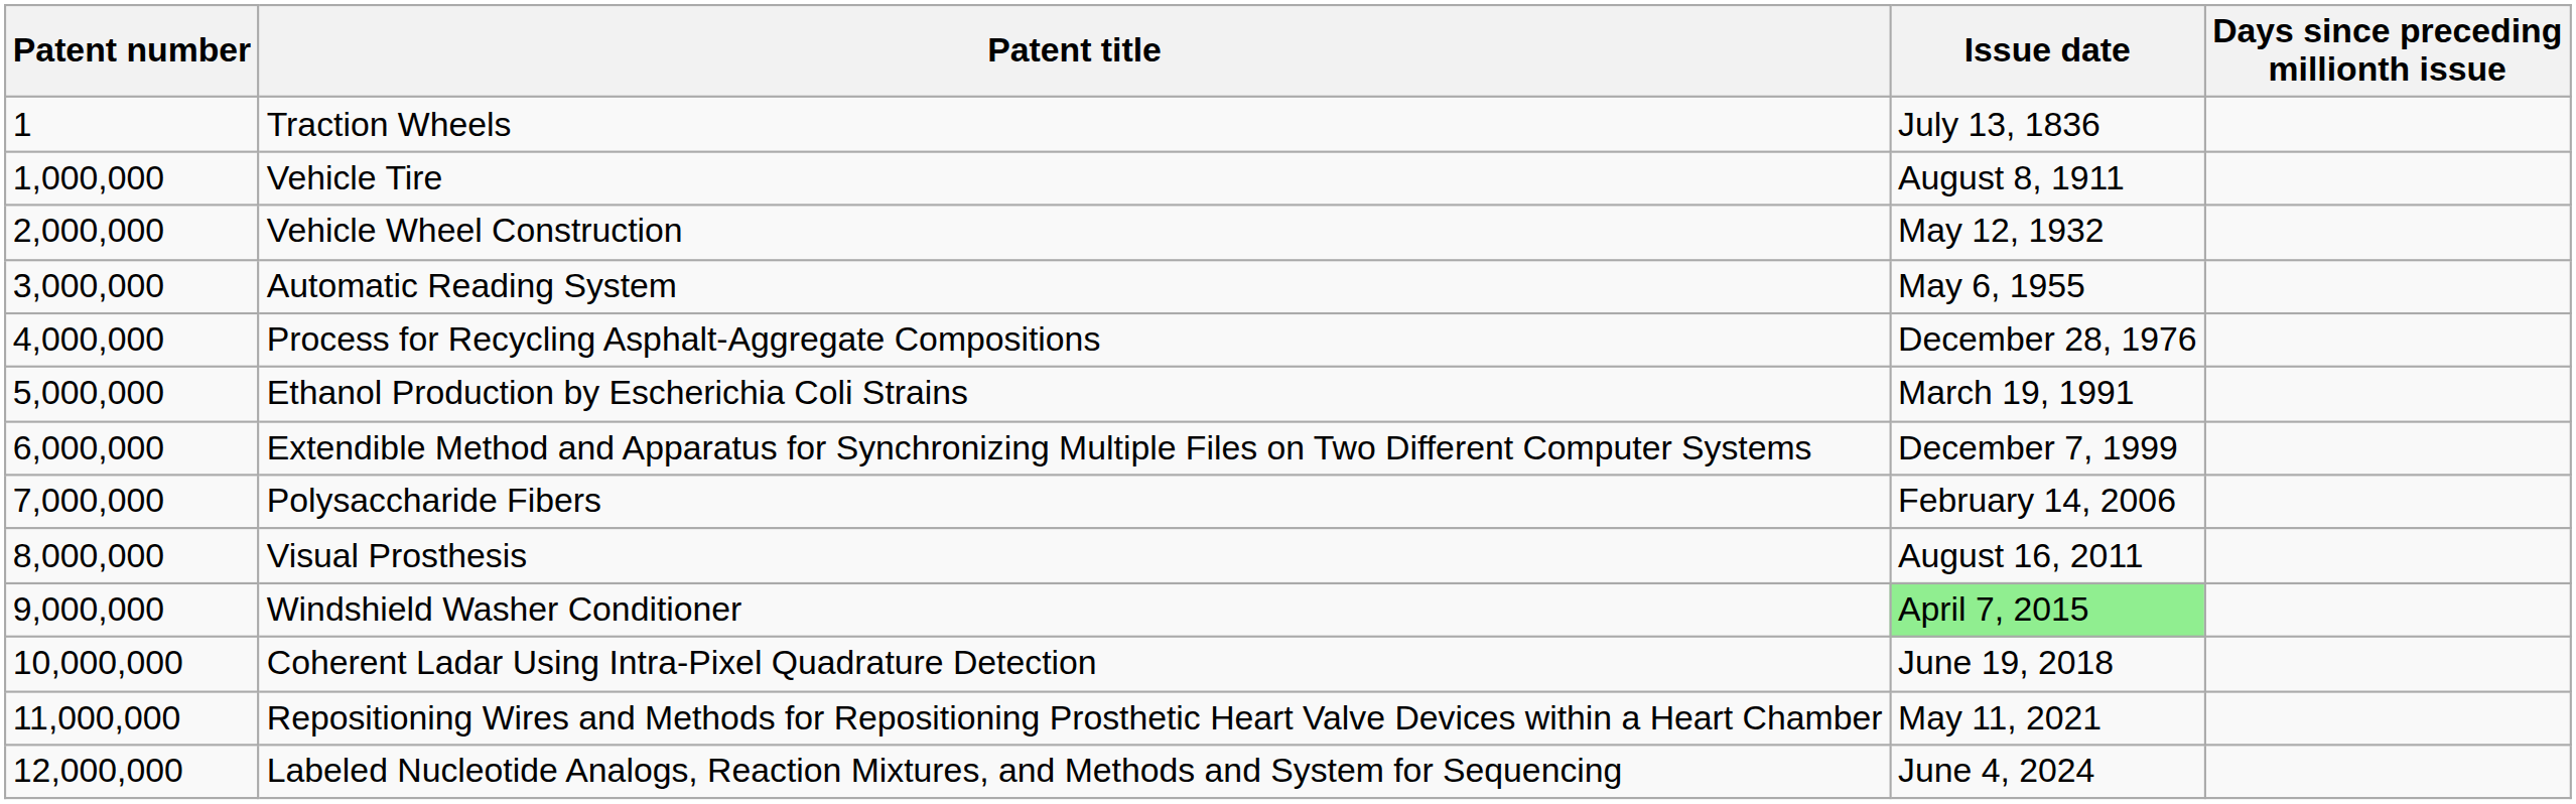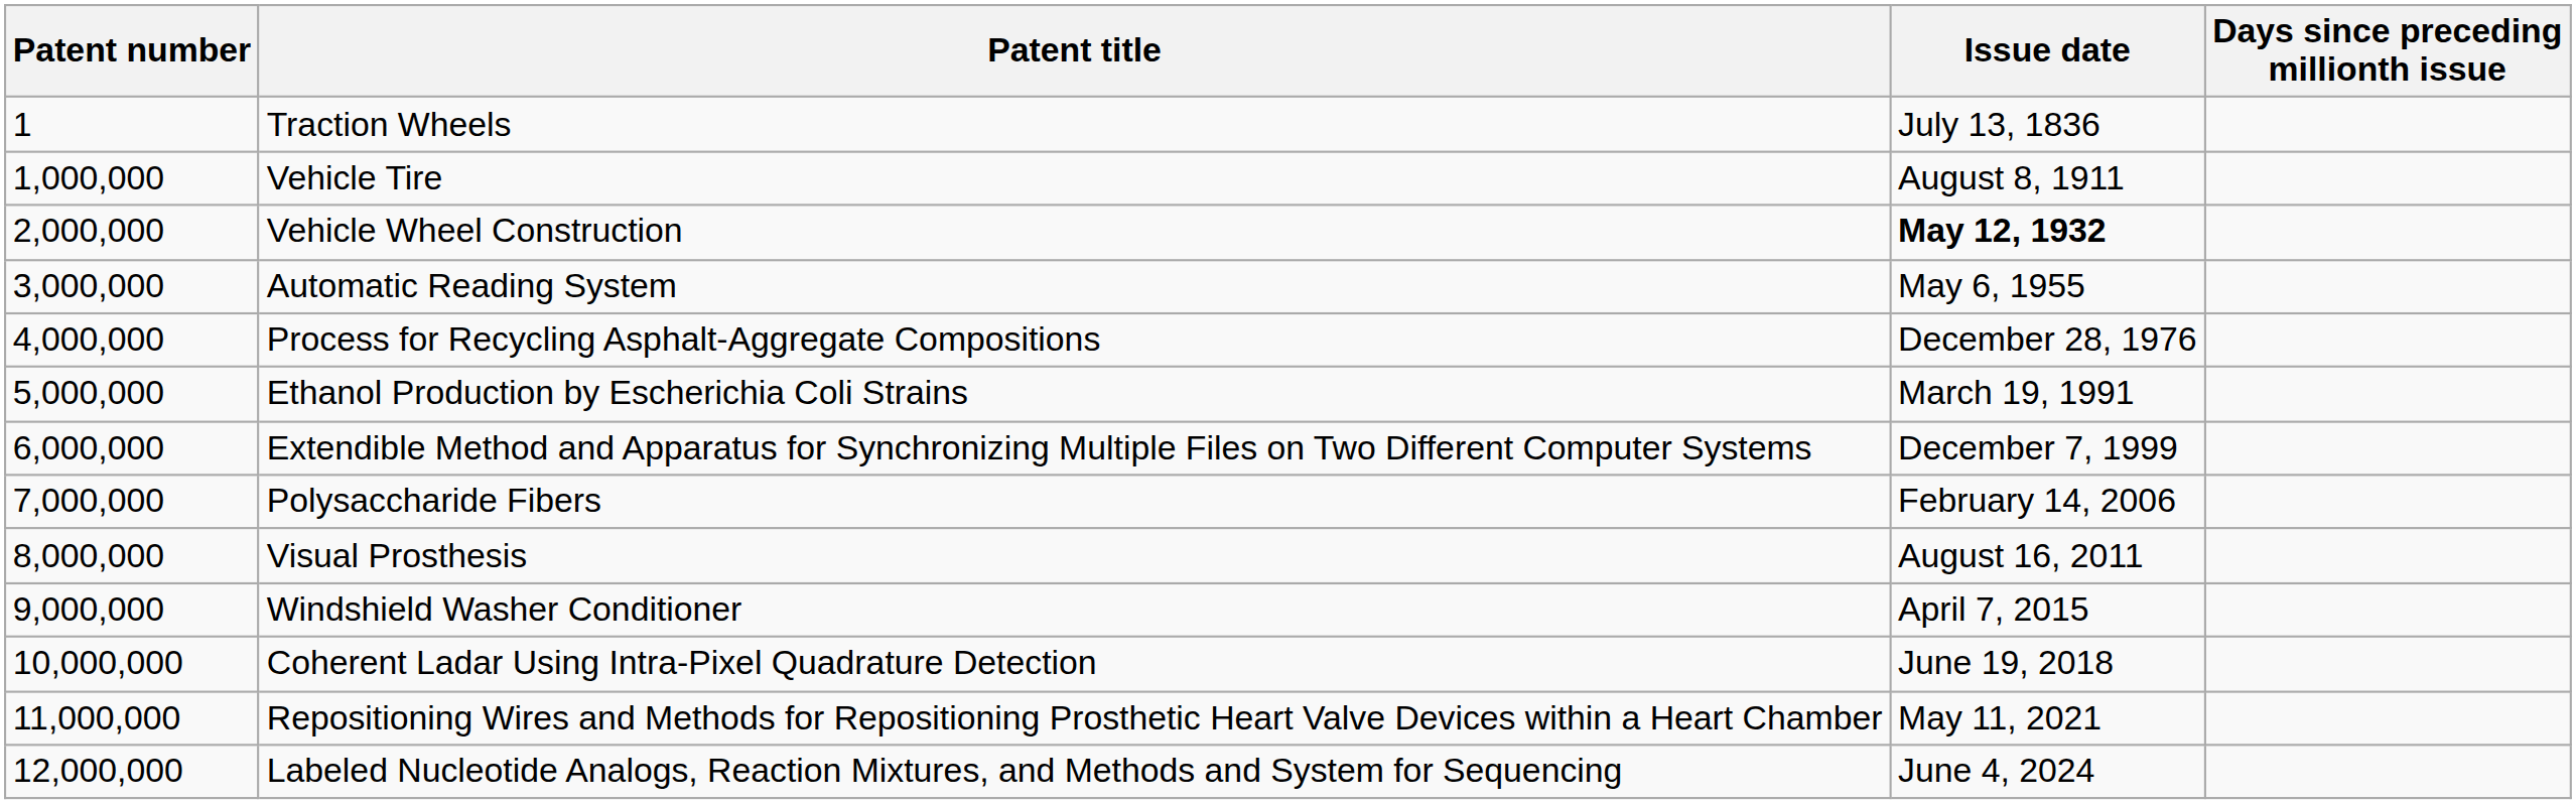 <table class="wikitable">
 <tr>
 <th>Patent number</th>
 <th>Patent title</th>
 <th>Issue date</th>
 <th>Days since preceding <br> millionth issue</th>
 </tr>
 <tr>
 <td>1</td>
 <td>Traction Wheels</td>
 <td>July 13, 1836</td>
 </tr>
 <tr>
 <td>1,000,000</td>
 <td>Vehicle Tire</td>
 <td>August 8, 1911</td>
 <td></td>
 </tr>
 <tr>
 <td>2,000,000</td>
 <td>Vehicle Wheel Construction</td>
-<td>May 12, 1932</td>
+<td><strong>May 12, 1932</strong></td>
 <td></td>
 </tr>
 <tr>
 <td>3,000,000</td>
 <td>Automatic Reading System</td>
 <td>May 6, 1955</td>
 <td></td>
 </tr>
 <tr>
 <td>4,000,000</td>
 <td>Process for Recycling Asphalt-Aggregate Compositions</td>
 <td>December 28, 1976</td>
 <td></td>
 </tr>
 <tr>
 <td>5,000,000</td>
 <td>Ethanol Production by Escherichia Coli Strains</td>
 <td>March 19, 1991</td>
 <td></td>
 </tr>
 <tr>
 <td>6,000,000</td>
 <td>Extendible Method and Apparatus for Synchronizing Multiple Files on Two Different Computer Systems</td>
 <td>December 7, 1999</td>
 <td></td>
 </tr>
 <tr>
 <td>7,000,000</td>
 <td>Polysaccharide Fibers</td>
 <td>February 14, 2006</td>
 <td></td>
 </tr>
 <tr>
 <td>8,000,000</td>
 <td>Visual Prosthesis</td>
 <td>August 16, 2011</td>
 <td></td>
 </tr>
 <tr>
 <td>9,000,000</td>
 <td>Windshield Washer Conditioner</td>
-<td style="background: lightgreen;">April 7, 2015</td>
+<td>April 7, 2015</td>
 <td></td>
 </tr>
 <tr>
 <td>10,000,000</td>
 <td>Coherent Ladar Using Intra-Pixel Quadrature Detection</td>
 <td>June 19, 2018</td>
 <td></td>
 </tr>
 <tr>
 <td>11,000,000</td>
 <td>Repositioning Wires and Methods for Repositioning Prosthetic Heart Valve Devices within a Heart Chamber</td>
 <td>May 11, 2021</td>
 <td></td>
 </tr>
 <tr>
 <td>12,000,000</td>
 <td>Labeled Nucleotide Analogs, Reaction Mixtures, and Methods and System for Sequencing</td>
 <td>June 4, 2024</td>
 <td></td>
 </tr>
 </table>
